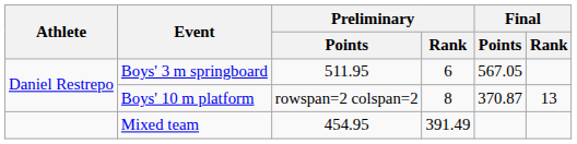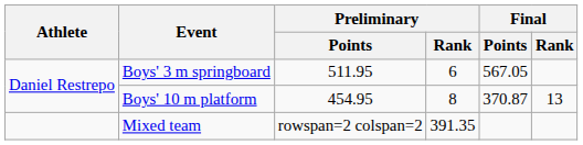 <table class="wikitable" style="text-align:center;font-size:90%">
 <tr>
 <th rowspan=2>Athlete</th>
 <th rowspan=2>Event</th>
 <th colspan=2>Preliminary</th>
 <th colspan=2>Final</th>
 </tr>
 <tr>
 <th>Points</th>
 <th>Rank</th>
 <th>Points</th>
 <th>Rank</th>
 </tr>
 <tr>
 <td align=left rowspan=2><a href='#'>Daniel Restrepo</a></td>
 <td align=left><a href='#'>Boys' 3 m springboard</a></td>
 <td>511.95</td>
 <td>6</td>
 <td>567.05</td>
 <td></td>
 </tr>
 <tr>
 <td align=left><a href='#'>Boys' 10 m platform</a></td>
-<td>rowspan=2 colspan=2 </td>
+<td>454.95</td>
 <td>8</td>
 <td>370.87</td>
 <td>13</td>
 </tr>
 <tr>
 <td align=left><br></td>
 <td rowspan=2 align=left><a href='#'>Mixed team</a></td>
-<td>454.95</td>
-<td>391.49</td>
+<td>rowspan=2 colspan=2 </td>
+<td>391.35</td>
 <td></td>
 </tr>
 </table>
